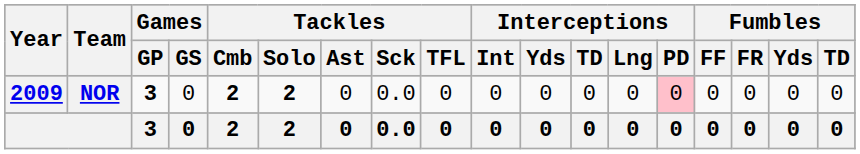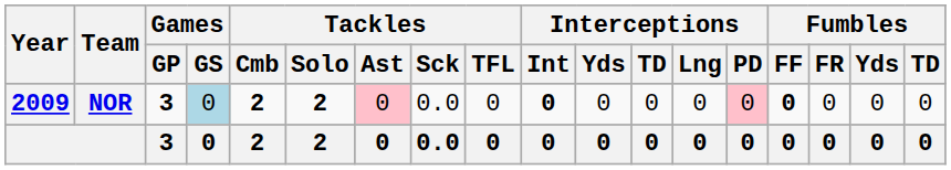 <table class="wikitable" style="text-align:center">
 <tr>
 <th rowspan="2">Year</th>
 <th rowspan="2">Team</th>
 <th colspan="2">Games</th>
 <th colspan="5">Tackles</th>
 <th colspan="5">Interceptions</th>
 <th colspan="4">Fumbles</th>
 </tr>
 <tr>
 <th>GP</th>
 <th>GS</th>
 <th>Cmb</th>
 <th>Solo</th>
 <th>Ast</th>
 <th>Sck</th>
 <th>TFL</th>
 <th>Int</th>
 <th>Yds</th>
 <th>TD</th>
 <th>Lng</th>
 <th>PD</th>
 <th>FF</th>
 <th>FR</th>
 <th>Yds</th>
 <th>TD</th>
 </tr>
 <tr>
 <th><a href='#'>2009</a></th>
 <th><a href='#'>NOR</a></th>
 <td><strong>3</strong></td>
-<td>0</td>
+<td style="background: lightblue;">0</td>
 <td><strong>2</strong></td>
 <td><strong>2</strong></td>
-<td>0</td>
+<td style="background: pink;">0</td>
 <td>0.0</td>
 <td>0</td>
-<td>0</td>
+<td><strong>0</strong></td>
 <td>0</td>
 <td>0</td>
 <td>0</td>
 <td style="background: pink;">0</td>
-<td>0</td>
+<td><strong>0</strong></td>
 <td>0</td>
 <td>0</td>
 <td>0</td>
 </tr>
 <tr>
 <th colspan="2"></th>
 <th>3</th>
 <th>0</th>
 <th>2</th>
 <th>2</th>
 <th>0</th>
 <th>0.0</th>
 <th>0</th>
 <th>0</th>
 <th>0</th>
 <th>0</th>
 <th>0</th>
 <th>0</th>
 <th>0</th>
 <th>0</th>
 <th>0</th>
 <th>0</th>
 </tr>
 </table>
